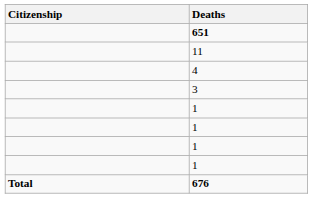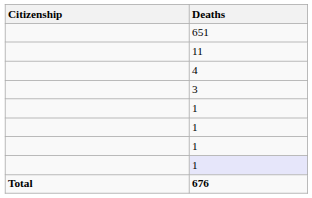 <table class="wikitable sortable floatright" style="font-size:88%; margin:0 0 1.5em 1.5em; width:30%">
 <tr>
 <th style="text-align:left;">Citizenship</th>
 <th style="text-align:left;">Deaths</th>
 </tr>
 <tr>
 <td style="text-align:left;"></td>
-<td><strong>651</strong></td>
+<td>651</td>
 </tr>
 <tr>
 <td style="text-align:left;"></td>
 <td>11</td>
 </tr>
 <tr>
 <td style="text-align:left;"></td>
 <td>4</td>
 </tr>
 <tr>
 <td style="text-align:left;"></td>
 <td>3</td>
 </tr>
 <tr>
 <td style="text-align:left;"></td>
 <td>1</td>
 </tr>
 <tr>
 <td style="text-align:left;"></td>
 <td>1</td>
 </tr>
 <tr>
 <td style="text-align:left;"></td>
 <td>1</td>
 </tr>
 <tr>
 <td style="text-align:left;"></td>
-<td>1</td>
+<td style="background: lavender;">1</td>
 </tr>
 <tr class="sortbottom">
 <td><strong>Total</strong></td>
 <td><strong>676</strong></td>
 </tr>
 </table>
